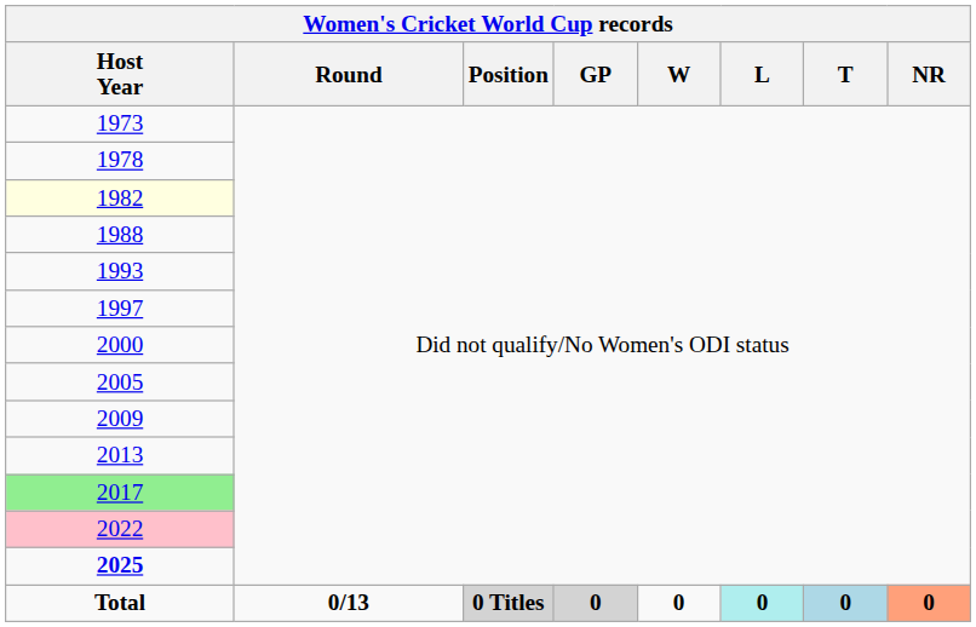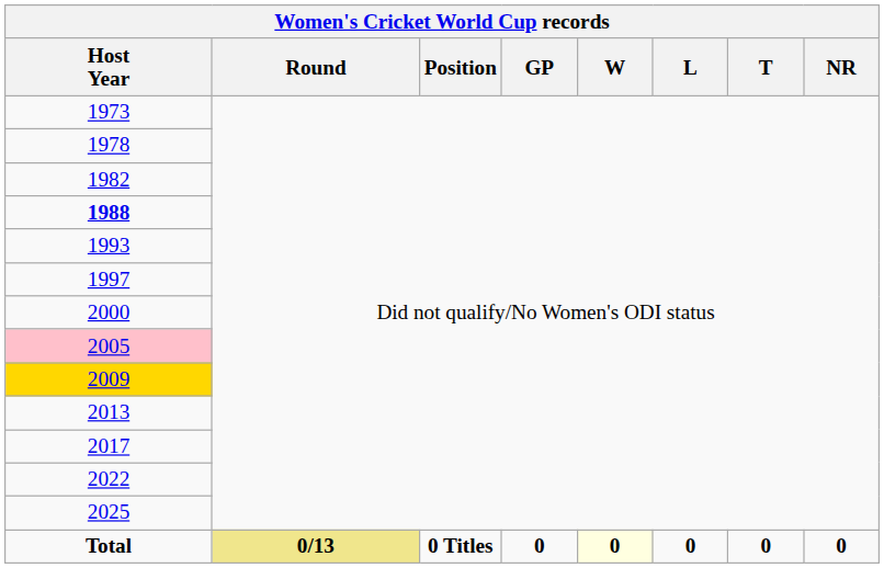 <table class="wikitable" style="text-align: center;">
 <tr>
 <th colspan=8><a href='#'>Women's Cricket World Cup</a> records</th>
 </tr>
 <tr>
 <th width=150>Host<br>Year</th>
 <th width=150>Round</th>
 <th width=50>Position</th>
 <th width=50>GP</th>
 <th width=50>W</th>
 <th width=50>L</th>
 <th width=50>T</th>
 <th width=50>NR</th>
 </tr>
 <tr>
 <td> <a href='#'>1973</a></td>
 <td colspan=7  rowspan=13>Did not qualify/No Women's ODI status</td>
 </tr>
 <tr>
 <td> <a href='#'>1978</a></td>
 </tr>
 <tr>
-<td style="background: lightyellow;"> <a href='#'>1982</a></td>
+<td> <a href='#'>1982</a></td>
 </tr>
 <tr>
-<td> <a href='#'>1988</a></td>
+<td><strong> <a href='#'>1988</a></strong></td>
 </tr>
 <tr>
 <td> <a href='#'>1993</a></td>
 </tr>
 <tr>
 <td> <a href='#'>1997</a></td>
 </tr>
 <tr>
 <td> <a href='#'>2000</a></td>
 </tr>
 <tr>
-<td> <a href='#'>2005</a></td>
+<td style="background: pink;"> <a href='#'>2005</a></td>
 </tr>
 <tr>
-<td> <a href='#'>2009</a></td>
+<td style="background: gold;"> <a href='#'>2009</a></td>
 </tr>
 <tr>
 <td> <a href='#'>2013</a></td>
 </tr>
 <tr>
-<td style="background: lightgreen;"> <a href='#'>2017</a></td>
+<td> <a href='#'>2017</a></td>
 </tr>
 <tr>
-<td style="background: pink;"> <a href='#'>2022</a></td>
+<td> <a href='#'>2022</a></td>
 </tr>
 <tr>
-<td><strong> <a href='#'>2025</a></strong></td>
+<td> <a href='#'>2025</a></td>
 </tr>
 <tr>
 <td><strong>Total</strong></td>
-<td><strong>0/13</strong></td>
-<td style="background: lightgrey;"><strong>0 Titles</strong></td>
-<td style="background: lightgrey;"><strong>0</strong></td>
+<td style="background: khaki;"><strong>0/13</strong></td>
+<td><strong>0 Titles</strong></td>
 <td><strong>0</strong></td>
-<td style="background: paleturquoise;"><strong>0</strong></td>
-<td style="background: lightblue;"><strong>0</strong></td>
-<td style="background: lightsalmon;"><strong>0</strong></td>
+<td style="background: lightyellow;"><strong>0</strong></td>
+<td><strong>0</strong></td>
+<td><strong>0</strong></td>
+<td><strong>0</strong></td>
 </tr>
 </table>
